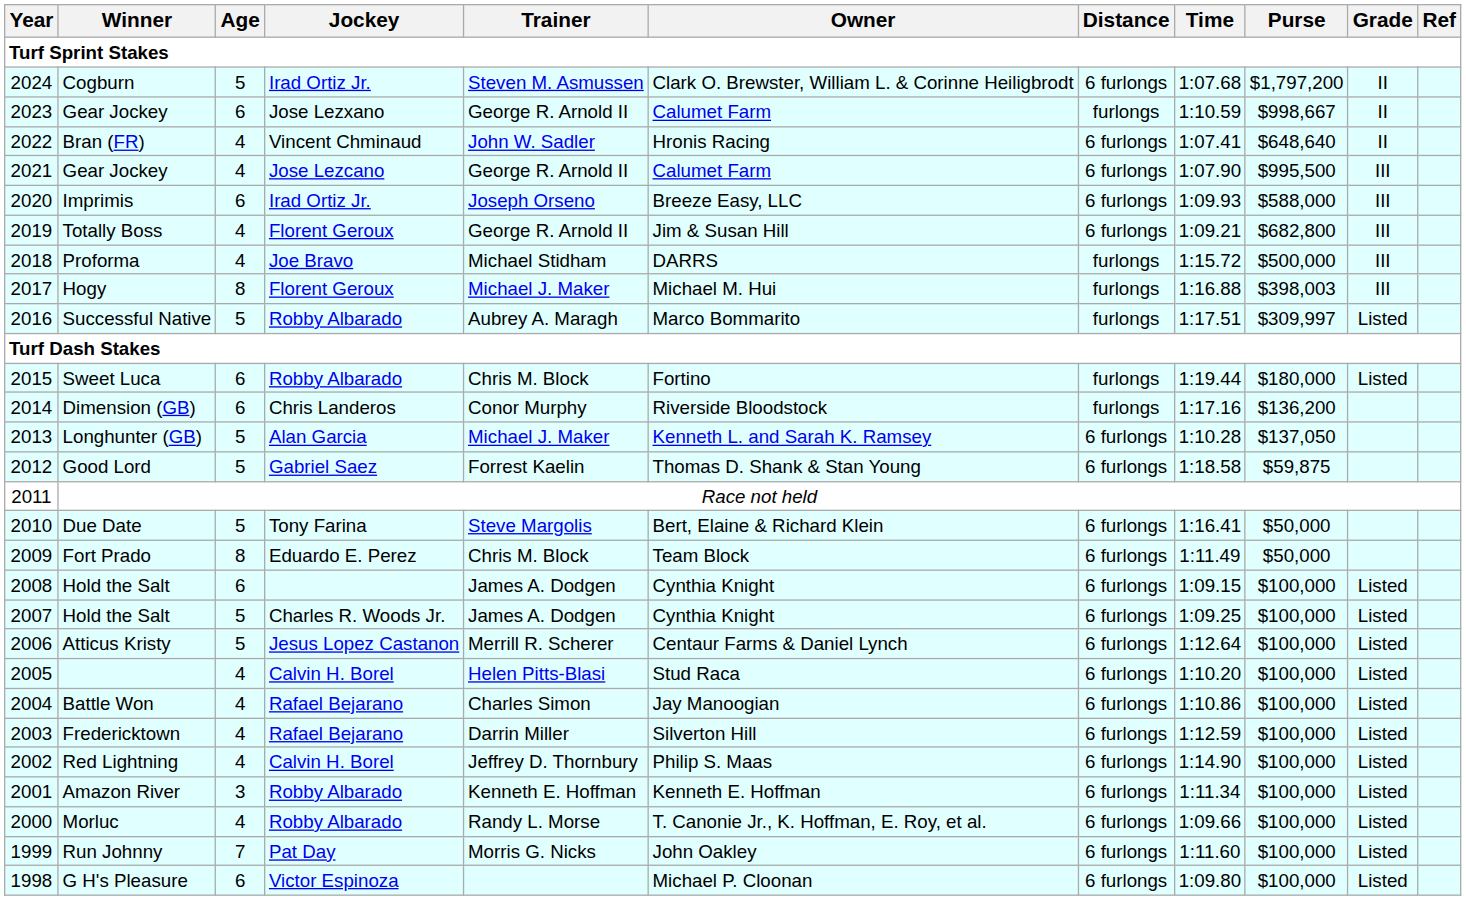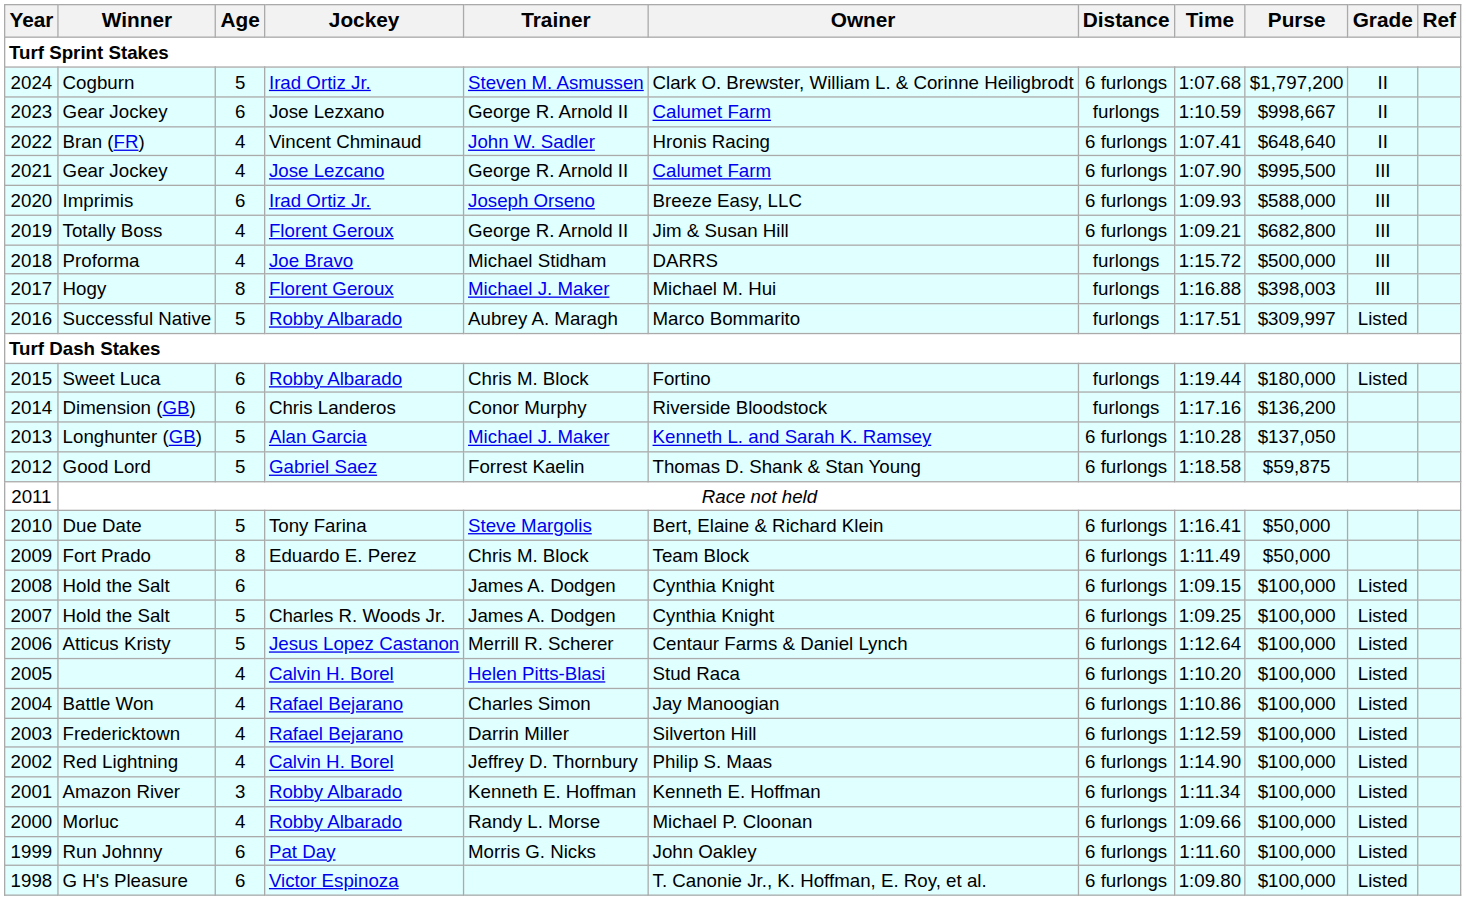 <table class="wikitable sortable">
 <tr>
 <th>Year</th>
 <th>Winner</th>
 <th>Age</th>
 <th>Jockey</th>
 <th>Trainer</th>
 <th>Owner</th>
 <th>Distance</th>
 <th>Time</th>
 <th>Purse</th>
 <th>Grade</th>
 <th>Ref</th>
 </tr>
 <tr style="font-size:90%; background-color:white">
 <td align="left" colspan=11><strong>Turf Sprint Stakes</strong></td>
 </tr>
 <tr style="font-size:90%; background-color:lightcyan">
 <td align=center>2024</td>
 <td>Cogburn</td>
 <td align=center>5</td>
 <td><a href='#'>Irad Ortiz Jr.</a></td>
 <td><a href='#'>Steven M. Asmussen</a></td>
 <td>Clark O. Brewster, William L. & Corinne Heiligbrodt</td>
 <td align=center>6 furlongs</td>
 <td align=center>1:07.68</td>
 <td align=center>$1,797,200</td>
 <td align=center>II</td>
 <td></td>
 </tr>
 <tr style="font-size:90%; background-color:lightcyan">
 <td align=center>2023</td>
 <td>Gear Jockey</td>
 <td align=center>6</td>
 <td>Jose Lezxano</td>
 <td>George R. Arnold II</td>
 <td><a href='#'>Calumet Farm</a></td>
 <td align=center> furlongs</td>
 <td align=center>1:10.59</td>
 <td align=center>$998,667</td>
 <td align=center>II</td>
 <td></td>
 </tr>
 <tr style="font-size:90%; background-color:lightcyan">
 <td align=center>2022</td>
 <td>Bran (<a href='#'>FR</a>)</td>
 <td align=center>4</td>
 <td>Vincent Chminaud</td>
 <td><a href='#'>John W. Sadler</a></td>
 <td>Hronis Racing</td>
 <td align=center>6 furlongs</td>
 <td align=center>1:07.41</td>
 <td align=center>$648,640</td>
 <td align=center>II</td>
 <td></td>
 </tr>
 <tr style="font-size:90%; background-color:lightcyan">
 <td align=center>2021</td>
 <td>Gear Jockey</td>
 <td align=center>4</td>
 <td><a href='#'>Jose Lezcano</a></td>
 <td>George R. Arnold II</td>
 <td><a href='#'>Calumet Farm</a></td>
 <td align=center>6 furlongs</td>
 <td align=center>1:07.90</td>
 <td align=center>$995,500</td>
 <td align=center>III</td>
 <td></td>
 </tr>
 <tr style="font-size:90%; background-color:lightcyan">
 <td align=center>2020</td>
 <td>Imprimis</td>
 <td align=center>6</td>
 <td><a href='#'>Irad Ortiz Jr.</a></td>
 <td><a href='#'>Joseph Orseno</a></td>
 <td>Breeze Easy, LLC</td>
 <td align=center>6 furlongs</td>
 <td align=center>1:09.93</td>
 <td align=center>$588,000</td>
 <td align=center>III</td>
 <td></td>
 </tr>
 <tr style="font-size:90%; background-color:lightcyan">
 <td align=center>2019</td>
 <td>Totally Boss</td>
 <td align=center>4</td>
 <td><a href='#'>Florent Geroux</a></td>
 <td>George R. Arnold II</td>
 <td>Jim & Susan Hill</td>
 <td align=center>6 furlongs</td>
 <td align=center>1:09.21</td>
 <td align=center>$682,800</td>
 <td align=center>III</td>
 <td></td>
 </tr>
 <tr style="font-size:90%; background-color:lightcyan">
 <td align=center>2018</td>
 <td>Proforma</td>
 <td align=center>4</td>
 <td><a href='#'>Joe Bravo</a></td>
 <td>Michael Stidham</td>
 <td>DARRS</td>
 <td align=center> furlongs</td>
 <td align=center>1:15.72</td>
 <td align=center>$500,000</td>
 <td align=center>III</td>
 <td></td>
 </tr>
 <tr style="font-size:90%; background-color:lightcyan">
 <td align=center>2017</td>
 <td>Hogy</td>
 <td align=center>8</td>
 <td><a href='#'>Florent Geroux</a></td>
 <td><a href='#'>Michael J. Maker</a></td>
 <td>Michael M. Hui</td>
 <td align=center> furlongs</td>
 <td align=center>1:16.88</td>
 <td align=center>$398,003</td>
 <td align=center>III</td>
 <td></td>
 </tr>
 <tr style="font-size:90%; background-color:lightcyan">
 <td align=center>2016</td>
 <td>Successful Native</td>
 <td align=center>5</td>
 <td><a href='#'>Robby Albarado</a></td>
 <td>Aubrey A. Maragh</td>
 <td>Marco Bommarito</td>
 <td align=center> furlongs</td>
 <td align=center>1:17.51</td>
 <td align=center>$309,997</td>
 <td align=center>Listed</td>
 <td></td>
 </tr>
 <tr style="font-size:90%; background-color:white">
 <td align="left" colspan=11><strong>Turf Dash Stakes</strong></td>
 </tr>
 <tr style="font-size:90%; background-color:lightcyan">
 <td align=center>2015</td>
 <td>Sweet Luca</td>
 <td align=center>6</td>
 <td><a href='#'>Robby Albarado</a></td>
 <td>Chris M. Block</td>
 <td>Fortino</td>
 <td align=center> furlongs</td>
 <td align=center>1:19.44</td>
 <td align=center>$180,000</td>
 <td align=center>Listed</td>
 <td></td>
 </tr>
 <tr style="font-size:90%; background-color:lightcyan">
 <td align=center>2014</td>
 <td>Dimension (<a href='#'>GB</a>)</td>
 <td align=center>6</td>
 <td>Chris Landeros</td>
 <td>Conor Murphy</td>
 <td>Riverside Bloodstock</td>
 <td align=center> furlongs</td>
 <td align=center>1:17.16</td>
 <td align=center>$136,200</td>
 <td align=center></td>
 <td></td>
 </tr>
 <tr style="font-size:90%; background-color:lightcyan">
 <td align=center>2013</td>
 <td>Longhunter (<a href='#'>GB</a>)</td>
 <td align=center>5</td>
 <td><a href='#'>Alan Garcia</a></td>
 <td><a href='#'>Michael J. Maker</a></td>
 <td><a href='#'>Kenneth L. and Sarah K. Ramsey</a></td>
 <td align=center>6 furlongs</td>
 <td align=center>1:10.28</td>
 <td align=center>$137,050</td>
 <td align=center></td>
 <td></td>
 </tr>
 <tr style="font-size:90%; background-color:lightcyan">
 <td align=center>2012</td>
 <td>Good Lord</td>
 <td align=center>5</td>
 <td><a href='#'>Gabriel Saez</a></td>
 <td>Forrest Kaelin</td>
 <td>Thomas D. Shank & Stan Young</td>
 <td align=center>6 furlongs</td>
 <td align=center>1:18.58</td>
 <td align=center>$59,875</td>
 <td align=center></td>
 <td></td>
 </tr>
 <tr style="font-size:90%; background-color:white">
 <td align="center">2011</td>
 <td align="center" colspan=10><em>Race not held</em></td>
 </tr>
 <tr style="font-size:90%; background-color:lightcyan">
 <td align=center>2010</td>
 <td>Due Date</td>
 <td align=center>5</td>
 <td>Tony Farina</td>
 <td><a href='#'>Steve Margolis</a></td>
 <td>Bert, Elaine & Richard Klein</td>
 <td align=center>6 furlongs</td>
 <td align=center>1:16.41</td>
 <td align=center>$50,000</td>
 <td align=center></td>
 <td></td>
 </tr>
 <tr style="font-size:90%; background-color:lightcyan">
 <td align=center>2009</td>
 <td>Fort Prado</td>
 <td align=center>8</td>
 <td>Eduardo E. Perez</td>
 <td>Chris M. Block</td>
 <td>Team Block</td>
 <td align=center>6 furlongs</td>
 <td align=center>1:11.49</td>
 <td align=center>$50,000</td>
 <td align=center></td>
 <td></td>
 </tr>
 <tr style="font-size:90%; background-color:lightcyan">
 <td align=center>2008</td>
 <td>Hold the Salt</td>
 <td align=center>6</td>
 <td></td>
 <td>James A. Dodgen</td>
 <td>Cynthia Knight</td>
 <td align=center>6 furlongs</td>
 <td align=center>1:09.15</td>
 <td align=center>$100,000</td>
 <td align=center>Listed</td>
 <td></td>
 </tr>
 <tr style="font-size:90%; background-color:lightcyan">
 <td align=center>2007</td>
 <td>Hold the Salt</td>
 <td align=center>5</td>
 <td>Charles R. Woods Jr.</td>
 <td>James A. Dodgen</td>
 <td>Cynthia Knight</td>
 <td align=center>6 furlongs</td>
 <td align=center>1:09.25</td>
 <td align=center>$100,000</td>
 <td align=center>Listed</td>
 <td></td>
 </tr>
 <tr style="font-size:90%; background-color:lightcyan">
 <td align=center>2006</td>
 <td>Atticus Kristy</td>
 <td align=center>5</td>
 <td><a href='#'>Jesus Lopez Castanon</a></td>
 <td>Merrill R. Scherer</td>
 <td>Centaur Farms & Daniel Lynch</td>
 <td align=center>6 furlongs</td>
 <td align=center>1:12.64</td>
 <td align=center>$100,000</td>
 <td align=center>Listed</td>
 <td></td>
 </tr>
 <tr style="font-size:90%; background-color:lightcyan">
 <td align=center>2005</td>
 <td></td>
 <td align=center>4</td>
 <td><a href='#'>Calvin H. Borel</a></td>
 <td><a href='#'>Helen Pitts-Blasi</a></td>
 <td>Stud Raca</td>
 <td align=center>6 furlongs</td>
 <td align=center>1:10.20</td>
 <td align=center>$100,000</td>
 <td align=center>Listed</td>
 <td></td>
 </tr>
 <tr style="font-size:90%; background-color:lightcyan">
 <td align=center>2004</td>
 <td>Battle Won</td>
 <td align=center>4</td>
 <td><a href='#'>Rafael Bejarano</a></td>
 <td>Charles Simon</td>
 <td>Jay Manoogian</td>
 <td align=center>6 furlongs</td>
 <td align=center>1:10.86</td>
 <td align=center>$100,000</td>
 <td align=center>Listed</td>
 <td></td>
 </tr>
 <tr style="font-size:90%; background-color:lightcyan">
 <td align=center>2003</td>
 <td>Fredericktown</td>
 <td align=center>4</td>
 <td><a href='#'>Rafael Bejarano</a></td>
 <td>Darrin Miller</td>
 <td>Silverton Hill</td>
 <td align=center>6 furlongs</td>
 <td align=center>1:12.59</td>
 <td align=center>$100,000</td>
 <td align=center>Listed</td>
 <td></td>
 </tr>
 <tr style="font-size:90%; background-color:lightcyan">
 <td align=center>2002</td>
 <td>Red Lightning</td>
 <td align=center>4</td>
 <td><a href='#'>Calvin H. Borel</a></td>
 <td>Jeffrey D. Thornbury</td>
 <td>Philip S. Maas</td>
 <td align=center>6 furlongs</td>
 <td align=center>1:14.90</td>
 <td align=center>$100,000</td>
 <td align=center>Listed</td>
 <td></td>
 </tr>
 <tr style="font-size:90%; background-color:lightcyan">
 <td align=center>2001</td>
 <td>Amazon River</td>
 <td align=center>3</td>
 <td><a href='#'>Robby Albarado</a></td>
 <td>Kenneth E. Hoffman</td>
 <td>Kenneth E. Hoffman</td>
 <td align=center>6 furlongs</td>
 <td align=center>1:11.34</td>
 <td align=center>$100,000</td>
 <td align=center>Listed</td>
 <td></td>
 </tr>
 <tr style="font-size:90%; background-color:lightcyan">
 <td align=center>2000</td>
 <td>Morluc</td>
 <td align=center>4</td>
 <td><a href='#'>Robby Albarado</a></td>
 <td>Randy L. Morse</td>
-<td>T. Canonie Jr., K. Hoffman, E. Roy, et al.</td>
+<td>Michael P. Cloonan</td>
 <td align=center>6 furlongs</td>
 <td align=center>1:09.66</td>
 <td align=center>$100,000</td>
 <td align=center>Listed</td>
 <td></td>
 </tr>
 <tr style="font-size:90%; background-color:lightcyan">
 <td align=center>1999</td>
 <td>Run Johnny</td>
-<td align=center>7</td>
+<td align=center>6</td>
 <td><a href='#'>Pat Day</a></td>
 <td>Morris G. Nicks</td>
 <td>John Oakley</td>
 <td align=center>6 furlongs</td>
 <td align=center>1:11.60</td>
 <td align=center>$100,000</td>
 <td align=center>Listed</td>
 <td></td>
 </tr>
 <tr style="font-size:90%; background-color:lightcyan">
 <td align=center>1998</td>
 <td>G H's Pleasure</td>
 <td align=center>6</td>
 <td><a href='#'>Victor Espinoza</a></td>
 <td></td>
-<td>Michael P. Cloonan</td>
+<td>T. Canonie Jr., K. Hoffman, E. Roy, et al.</td>
 <td align=center>6 furlongs</td>
 <td align=center>1:09.80</td>
 <td align=center>$100,000</td>
 <td align=center>Listed</td>
 <td></td>
 </tr>
 </table>
